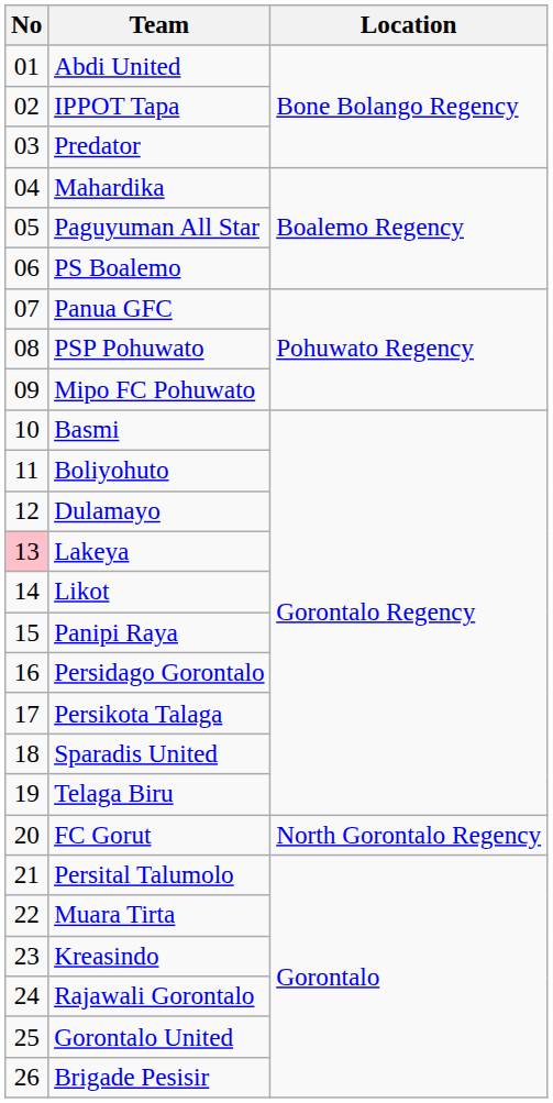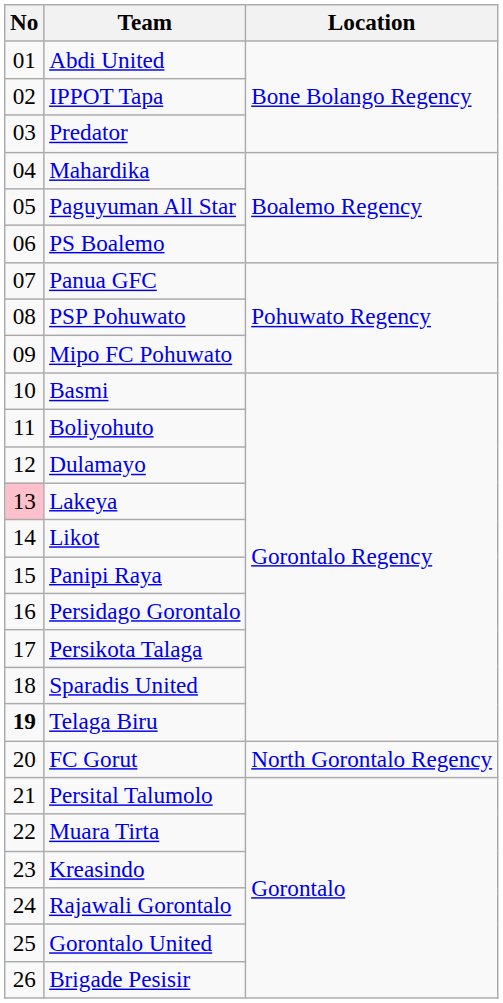 <table class="wikitable sortable">
 <tr>
 <th>No</th>
 <th>Team</th>
 <th>Location</th>
 </tr>
 <tr>
 <td align=center>01</td>
 <td><a href='#'>Abdi United</a></td>
 <td rowspan=3><a href='#'>Bone Bolango Regency</a></td>
 </tr>
 <tr>
 <td align=center>02</td>
 <td><a href='#'>IPPOT Tapa</a></td>
 </tr>
 <tr>
 <td align=center>03</td>
 <td><a href='#'>Predator</a></td>
 </tr>
 <tr>
 <td align=center>04</td>
 <td><a href='#'>Mahardika</a></td>
 <td rowspan=3><a href='#'>Boalemo Regency</a></td>
 </tr>
 <tr>
 <td align=center>05</td>
 <td><a href='#'>Paguyuman All Star</a></td>
 </tr>
 <tr>
 <td align=center>06</td>
 <td><a href='#'>PS Boalemo</a></td>
 </tr>
 <tr>
 <td align=center>07</td>
 <td><a href='#'>Panua GFC</a></td>
 <td rowspan=3><a href='#'>Pohuwato Regency</a></td>
 </tr>
 <tr>
 <td align=center>08</td>
 <td><a href='#'>PSP Pohuwato</a></td>
 </tr>
 <tr>
 <td align=center>09</td>
 <td><a href='#'>Mipo FC Pohuwato</a></td>
 </tr>
 <tr>
 <td align=center>10</td>
 <td><a href='#'>Basmi</a></td>
 <td rowspan=10><a href='#'>Gorontalo Regency</a></td>
 </tr>
 <tr>
 <td align=center>11</td>
 <td><a href='#'>Boliyohuto</a></td>
 </tr>
 <tr>
 <td align=center>12</td>
 <td><a href='#'>Dulamayo</a></td>
 </tr>
 <tr>
 <td align=center style="background: pink;">13</td>
 <td><a href='#'>Lakeya</a></td>
 </tr>
 <tr>
 <td align=center>14</td>
 <td><a href='#'>Likot</a></td>
 </tr>
 <tr>
 <td align=center>15</td>
 <td><a href='#'>Panipi Raya</a></td>
 </tr>
 <tr>
 <td align=center>16</td>
 <td><a href='#'>Persidago Gorontalo</a></td>
 </tr>
 <tr>
 <td align=center>17</td>
 <td><a href='#'>Persikota Talaga</a></td>
 </tr>
 <tr>
 <td align=center>18</td>
 <td><a href='#'>Sparadis United</a></td>
 </tr>
 <tr>
-<td align=center>19</td>
+<td align=center><strong>19</strong></td>
 <td><a href='#'>Telaga Biru</a></td>
 </tr>
 <tr>
 <td align=center>20</td>
 <td><a href='#'>FC Gorut</a></td>
 <td><a href='#'>North Gorontalo Regency</a></td>
 </tr>
 <tr>
 <td align=center>21</td>
 <td><a href='#'>Persital Talumolo</a></td>
 <td rowspan=6><a href='#'>Gorontalo</a></td>
 </tr>
 <tr>
 <td align=center>22</td>
 <td><a href='#'>Muara Tirta</a></td>
 </tr>
 <tr>
 <td align=center>23</td>
 <td><a href='#'>Kreasindo</a></td>
 </tr>
 <tr>
 <td align=center>24</td>
 <td><a href='#'>Rajawali Gorontalo</a></td>
 </tr>
 <tr>
 <td align=center>25</td>
 <td><a href='#'>Gorontalo United</a></td>
 </tr>
 <tr>
 <td align=center>26</td>
 <td><a href='#'>Brigade Pesisir</a></td>
 </tr>
 </table>
